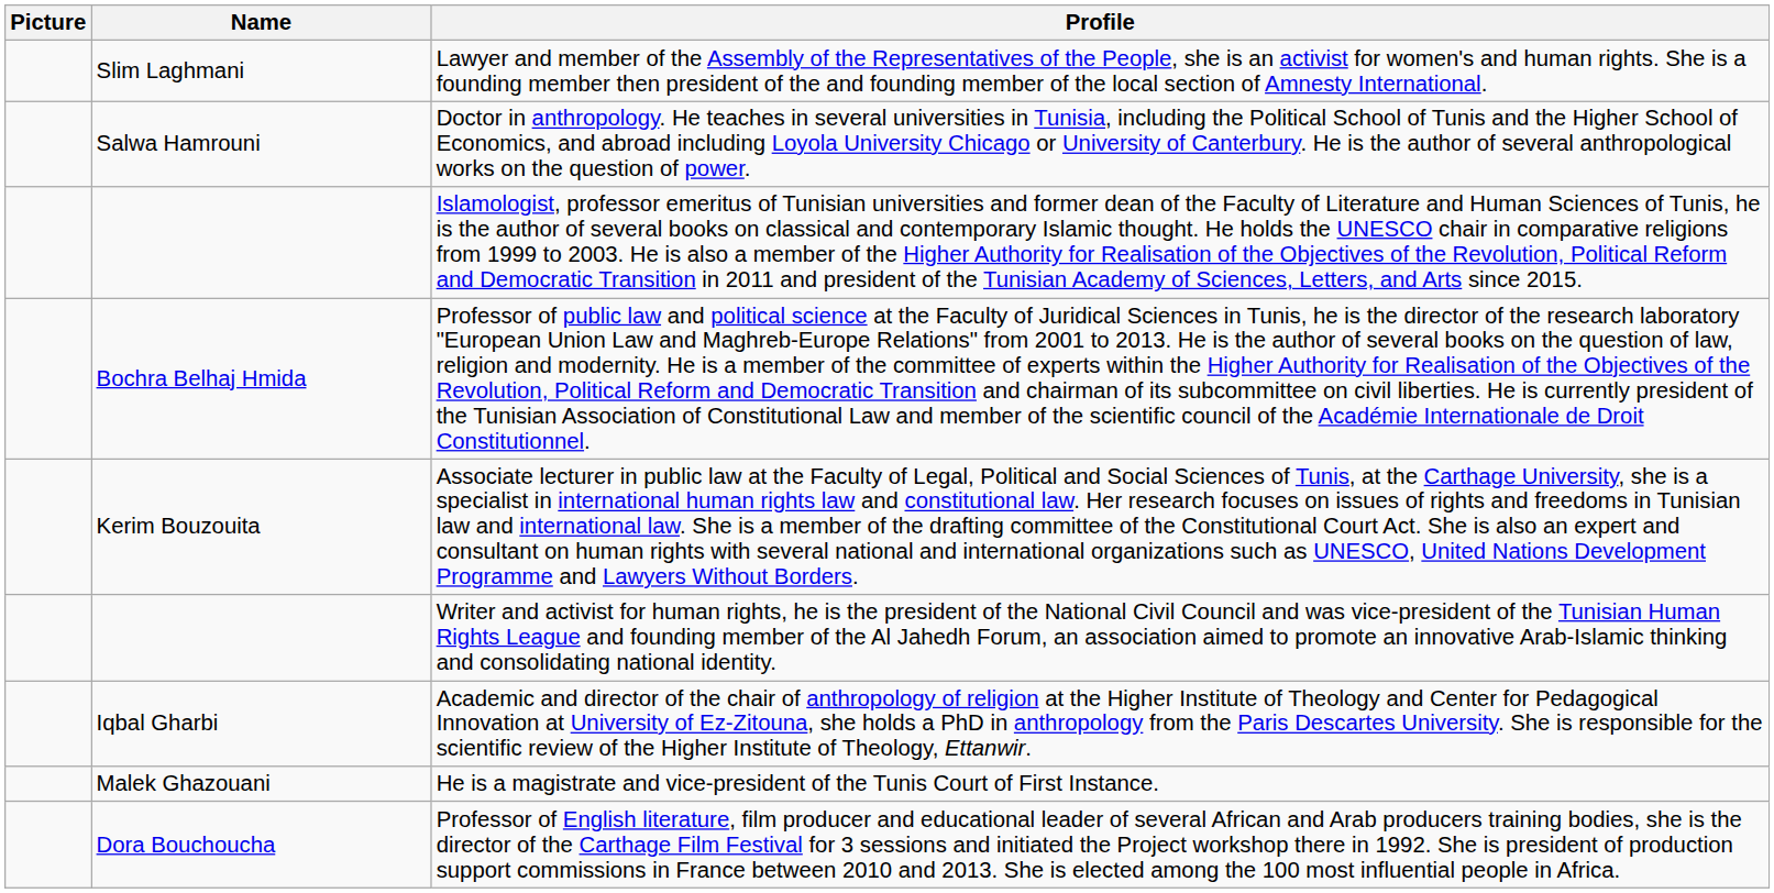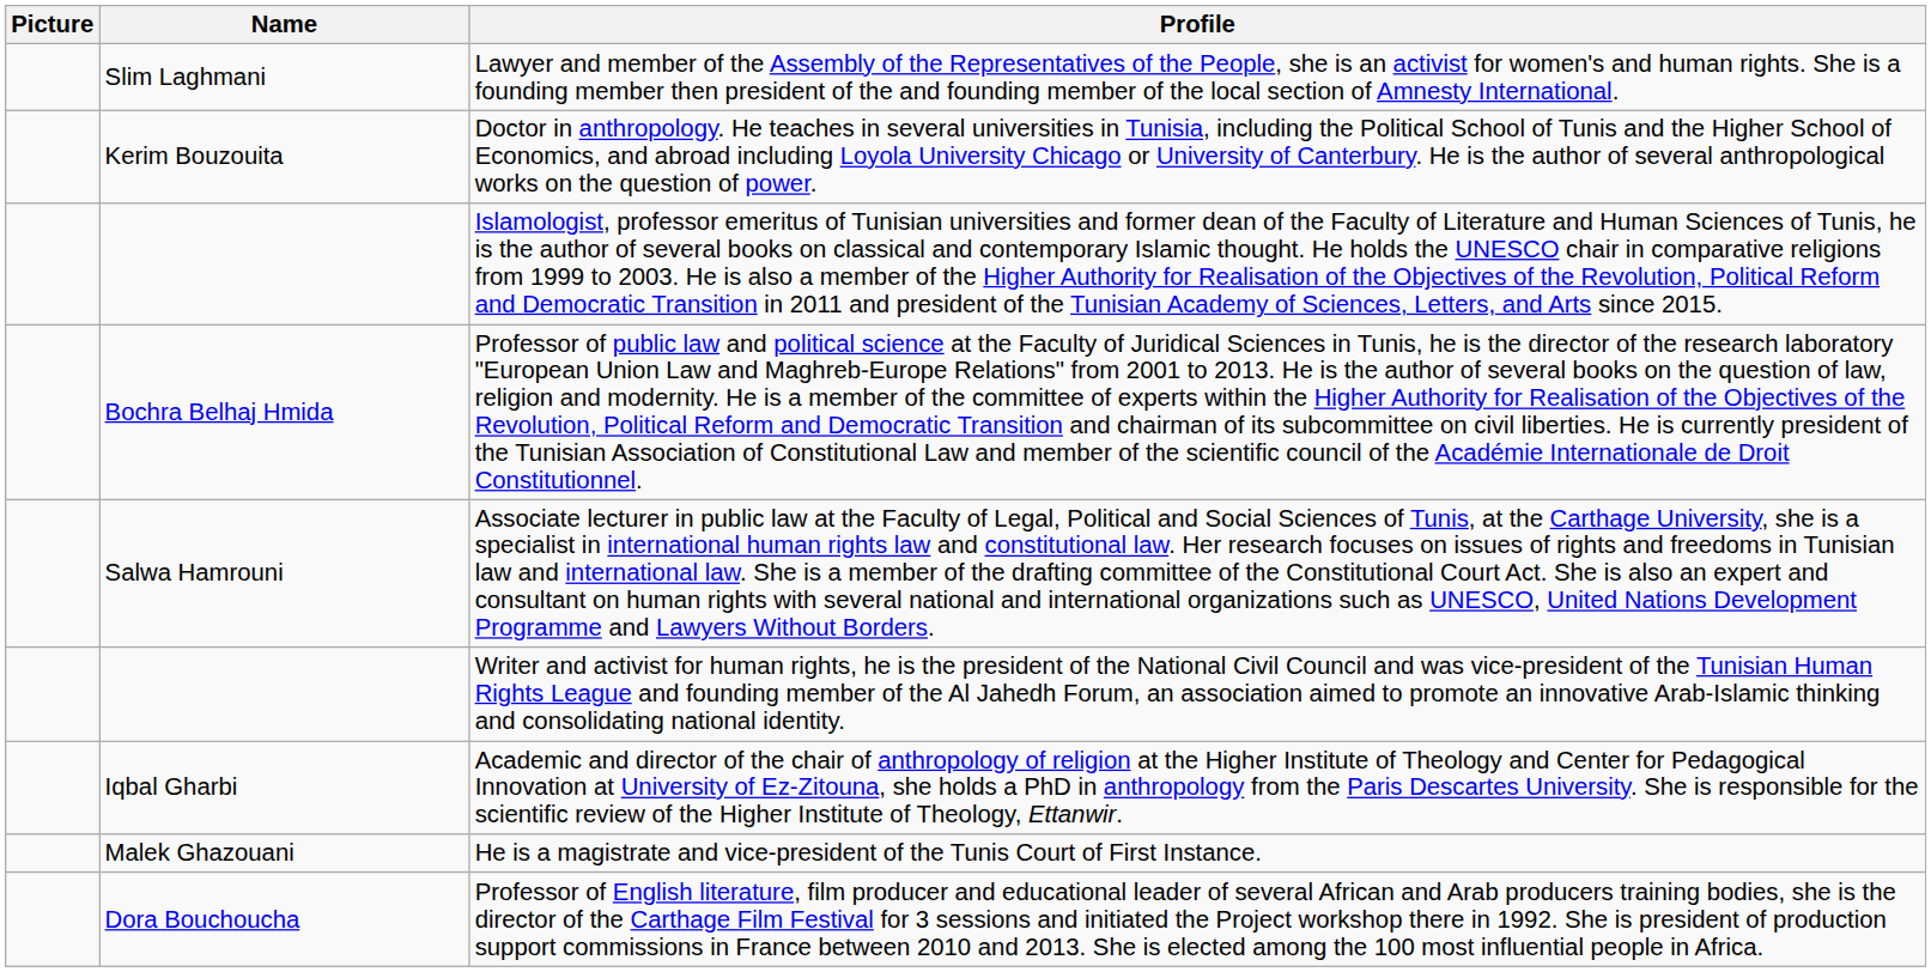 <table class="wikitable sortable" style="width:100%;">
 <tr>
 <th scope="col" class="unsortable" style="width:80px;">Picture</th>
 <th scope=col>Name</th>
 <th scope=col>Profile</th>
 </tr>
 <tr>
 <td></td>
 <td style="width:20%;">Slim Laghmani</td>
 <td style="width:80%;">Lawyer and member of the <a href='#'>Assembly of the Representatives of the People</a>, she is an <a href='#'>activist</a> for women's and human rights. She is a founding member then president of the  and founding member of the local section of <a href='#'>Amnesty International</a>.</td>
 </tr>
 <tr>
 <td></td>
-<td style="width:20%;">Salwa Hamrouni</td>
+<td style="width:20%;">Kerim Bouzouita</td>
 <td style="width:80%;">Doctor in <a href='#'>anthropology</a>. He teaches in several universities in <a href='#'>Tunisia</a>, including the Political School of Tunis and the Higher School of Economics, and abroad including <a href='#'>Loyola University Chicago</a> or <a href='#'>University of Canterbury</a>. He is the author of several anthropological works on the question of <a href='#'>power</a>.</td>
 </tr>
 <tr>
 <td></td>
 <td style="width:20%;"></td>
 <td style="width:80%;"><a href='#'>Islamologist</a>, professor emeritus of Tunisian universities and former dean of the Faculty of Literature and Human Sciences of Tunis, he is the author of several books on classical and contemporary Islamic thought. He holds the <a href='#'>UNESCO</a> chair in comparative religions from 1999 to 2003. He is also a member of the <a href='#'>Higher Authority for Realisation of the Objectives of the Revolution, Political Reform and Democratic Transition</a> in 2011 and president of the <a href='#'>Tunisian Academy of Sciences, Letters, and Arts</a> since 2015.</td>
 </tr>
 <tr>
 <td></td>
 <td style="width:20%;"><a href='#'>Bochra Belhaj Hmida</a></td>
 <td style="width:80%;">Professor of <a href='#'>public law</a> and <a href='#'>political science</a> at the Faculty of Juridical Sciences in Tunis, he is the director of the research laboratory "European Union Law and Maghreb-Europe Relations" from 2001 to 2013. He is the author of several books on the question of law, religion and modernity. He is a member of the committee of experts within the <a href='#'>Higher Authority for Realisation of the Objectives of the Revolution, Political Reform and Democratic Transition</a> and chairman of its subcommittee on civil liberties. He is currently president of the Tunisian Association of Constitutional Law and member of the scientific council of the <a href='#'>Académie Internationale de Droit Constitutionnel</a>.</td>
 </tr>
 <tr>
 <td></td>
-<td style="width:20%;">Kerim Bouzouita</td>
+<td style="width:20%;">Salwa Hamrouni</td>
 <td style="width:80%;">Associate lecturer in public law at the Faculty of Legal, Political and Social Sciences of <a href='#'>Tunis</a>, at the <a href='#'>Carthage University</a>, she is a specialist in <a href='#'>international human rights law</a> and <a href='#'>constitutional law</a>. Her research focuses on issues of rights and freedoms in Tunisian law and <a href='#'>international law</a>. She is a member of the drafting committee of the Constitutional Court Act. She is also an expert and consultant on human rights with several national and international organizations such as <a href='#'>UNESCO</a>, <a href='#'>United Nations Development Programme</a> and <a href='#'>Lawyers Without Borders</a>.</td>
 </tr>
 <tr>
 <td></td>
 <td style="width:20%;"></td>
 <td style="width:80%;">Writer and activist for human rights, he is the president of the National Civil Council and was vice-president of the <a href='#'>Tunisian Human Rights League</a> and founding member of the Al Jahedh Forum, an association aimed to promote an innovative Arab-Islamic thinking and consolidating national identity.</td>
 </tr>
 <tr>
 <td></td>
 <td style="width:20%;">Iqbal Gharbi</td>
 <td style="width:80%;">Academic and director of the chair of <a href='#'>anthropology of religion</a> at the Higher Institute of Theology and Center for Pedagogical Innovation at <a href='#'>University of Ez-Zitouna</a>, she holds a PhD in <a href='#'>anthropology</a> from the <a href='#'>Paris Descartes University</a>. She is responsible for the scientific review of the Higher Institute of Theology, <em>Ettanwir</em>.</td>
 </tr>
 <tr>
 <td></td>
 <td style="width:20%;">Malek Ghazouani</td>
 <td style="width:80%;">He is a magistrate and vice-president of the Tunis Court of First Instance.</td>
 </tr>
 <tr>
 <td></td>
 <td style="width:20%;"><a href='#'>Dora Bouchoucha</a></td>
 <td style="width:80%;">Professor of <a href='#'>English literature</a>, film producer and educational leader of several African and Arab producers training bodies, she is the director of the <a href='#'>Carthage Film Festival</a> for 3 sessions and initiated the Project workshop there in 1992. She is president of production support commissions in France between 2010 and 2013. She is elected among the 100 most influential people in Africa.</td>
 </tr>
 </table>
